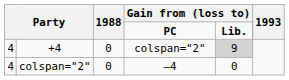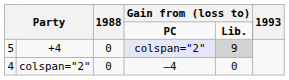 <table class="wikitable"  style="text-align:center; margin:auto;">
 <tr>
 <th rowspan="2" colspan="2">Party</th>
 <th rowspan="2">1988</th>
 <th colspan="4">Gain from (loss to)</th>
 <th rowspan="2">1993</th>
 </tr>
 <tr>
 <td><strong>PC</strong></td>
 <td><strong>Lib.</strong></td>
 </tr>
 <tr>
-<td>4</td>
+<td>5</td>
 <td>+4</td>
 <td>0</td>
-<td>colspan="2" </td>
+<td style="background: lavender;">colspan="2" </td>
 <td style="background: lightgrey;">9</td>
 </tr>
 <tr>
 <td>4</td>
 <td>colspan="2" </td>
 <td>0</td>
 <td>–4</td>
 <td>0</td>
 </tr>
 </table>
